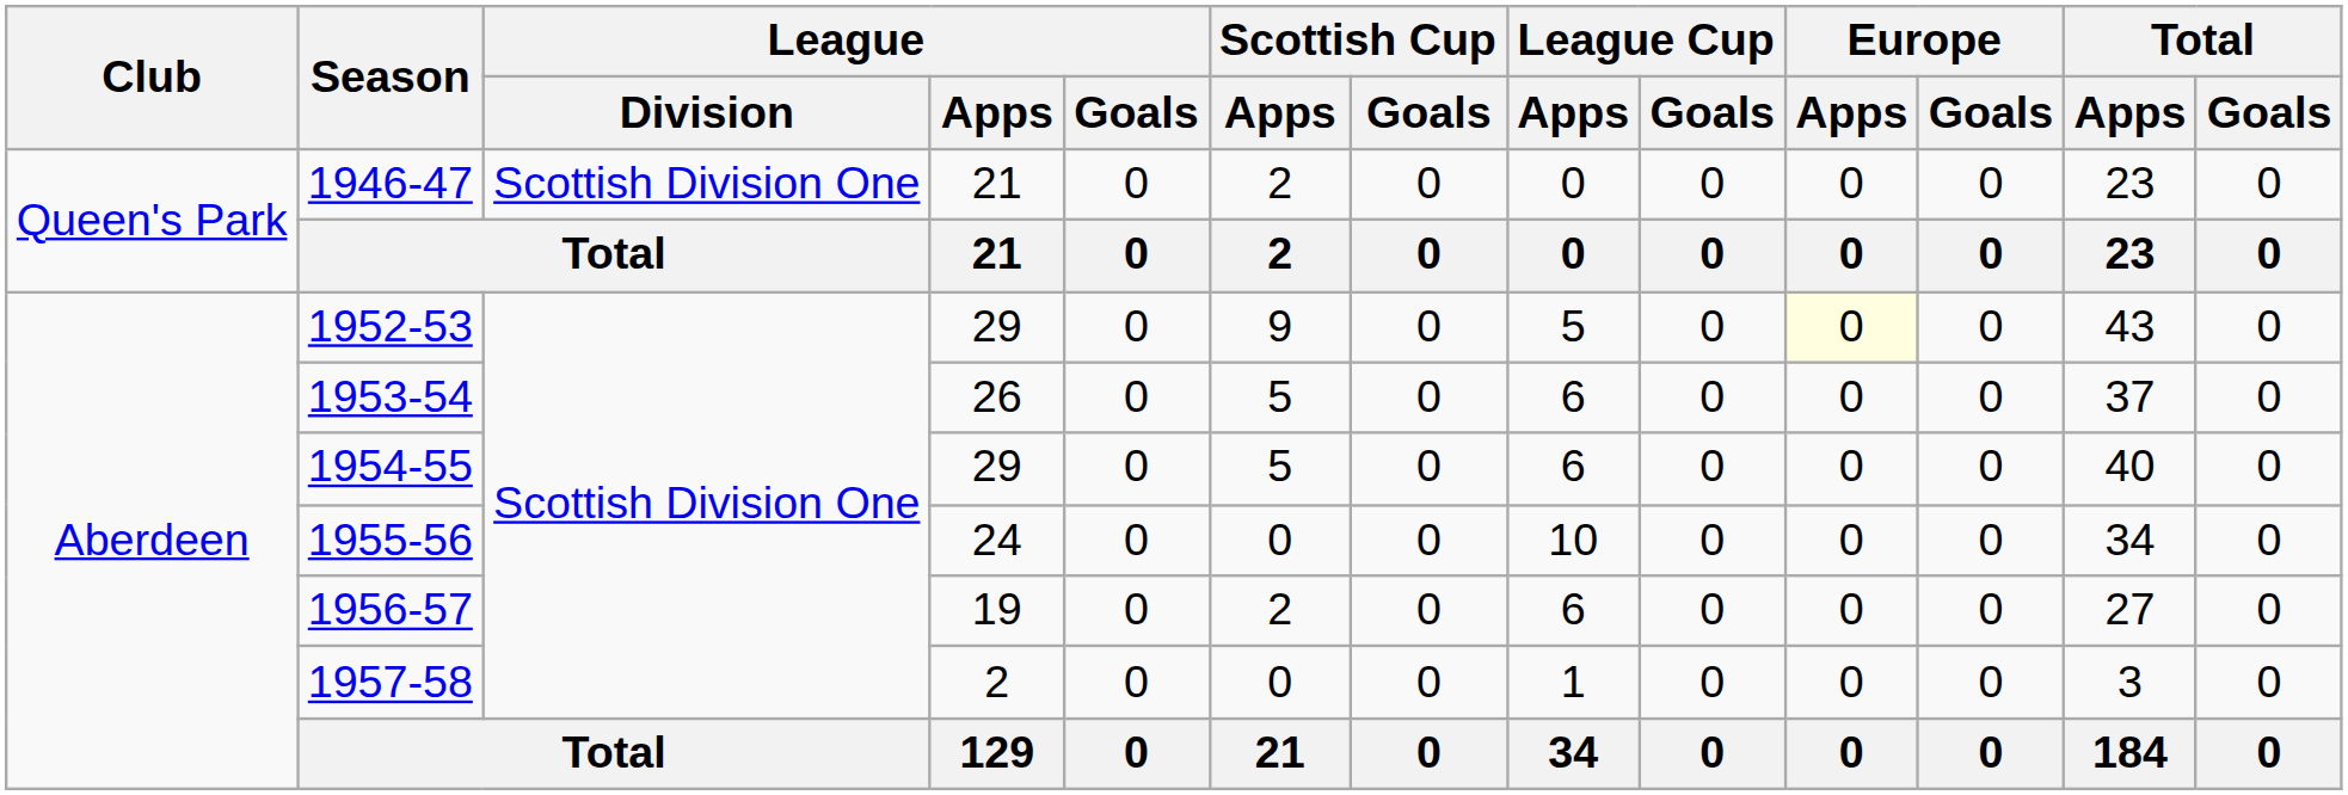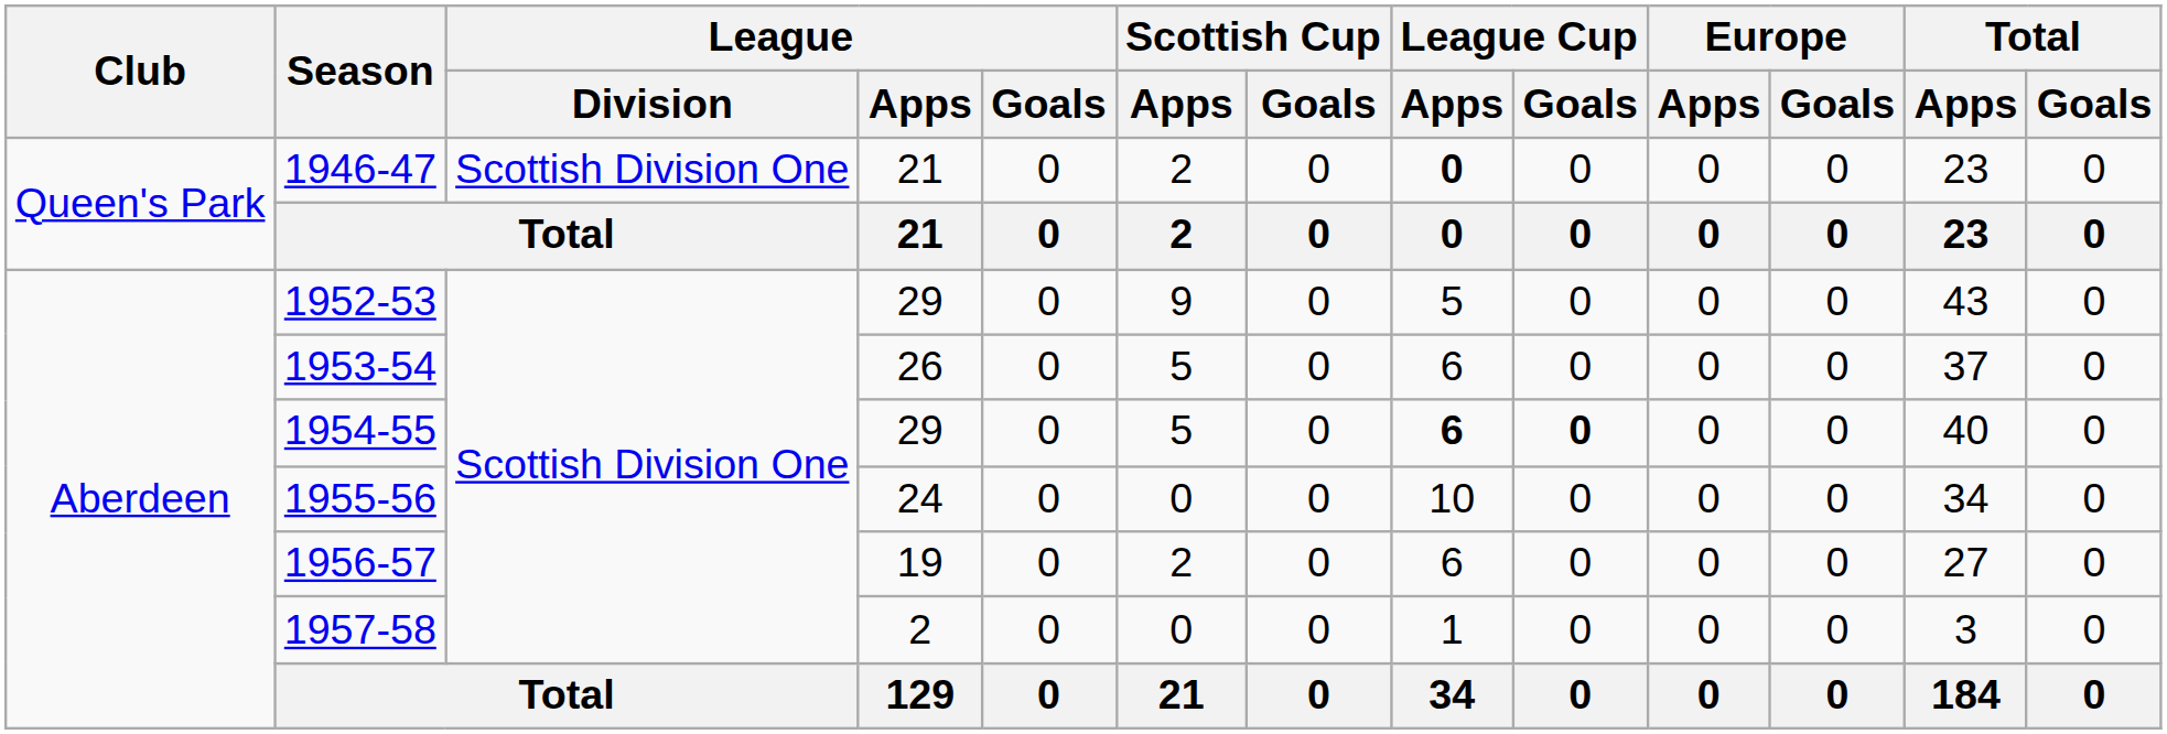 <table class="wikitable" style="text-align:center">
 <tr>
 <th rowspan="2">Club</th>
 <th rowspan="2">Season</th>
 <th colspan="3">League</th>
 <th colspan="2">Scottish Cup</th>
 <th colspan="2">League Cup</th>
 <th colspan="2">Europe</th>
 <th colspan="2">Total</th>
 </tr>
 <tr>
 <th>Division</th>
 <th>Apps</th>
 <th>Goals</th>
 <th>Apps</th>
 <th>Goals</th>
 <th>Apps</th>
 <th>Goals</th>
 <th>Apps</th>
 <th>Goals</th>
 <th>Apps</th>
 <th>Goals</th>
 </tr>
 <tr>
 <td rowspan="2"><a href='#'>Queen's Park</a></td>
 <td><a href='#'>1946-47</a></td>
 <td><a href='#'>Scottish Division One</a></td>
 <td>21</td>
 <td>0</td>
 <td>2</td>
 <td>0</td>
-<td>0</td>
+<td><strong>0</strong></td>
 <td>0</td>
 <td>0</td>
 <td>0</td>
 <td>23</td>
 <td>0</td>
 </tr>
 <tr>
 <th colspan="2">Total</th>
 <th>21</th>
 <th>0</th>
 <th>2</th>
 <th>0</th>
 <th>0</th>
 <th>0</th>
 <th>0</th>
 <th>0</th>
 <th>23</th>
 <th>0</th>
 </tr>
 <tr>
 <td rowspan="7"><a href='#'>Aberdeen</a></td>
 <td><a href='#'>1952-53</a></td>
 <td rowspan="6"><a href='#'>Scottish Division One</a></td>
 <td>29</td>
 <td>0</td>
 <td>9</td>
 <td>0</td>
 <td>5</td>
 <td>0</td>
-<td style="background: lightyellow;">0</td>
+<td>0</td>
 <td>0</td>
 <td>43</td>
 <td>0</td>
 </tr>
 <tr>
 <td><a href='#'>1953-54</a></td>
 <td>26</td>
 <td>0</td>
 <td>5</td>
 <td>0</td>
 <td>6</td>
 <td>0</td>
 <td>0</td>
 <td>0</td>
 <td>37</td>
 <td>0</td>
 </tr>
 <tr>
 <td><a href='#'>1954-55</a></td>
 <td>29</td>
 <td>0</td>
 <td>5</td>
 <td>0</td>
-<td>6</td>
-<td>0</td>
+<td><strong>6</strong></td>
+<td><strong>0</strong></td>
 <td>0</td>
 <td>0</td>
 <td>40</td>
 <td>0</td>
 </tr>
 <tr>
 <td><a href='#'>1955-56</a></td>
 <td>24</td>
 <td>0</td>
 <td>0</td>
 <td>0</td>
 <td>10</td>
 <td>0</td>
 <td>0</td>
 <td>0</td>
 <td>34</td>
 <td>0</td>
 </tr>
 <tr>
 <td><a href='#'>1956-57</a></td>
 <td>19</td>
 <td>0</td>
 <td>2</td>
 <td>0</td>
 <td>6</td>
 <td>0</td>
 <td>0</td>
 <td>0</td>
 <td>27</td>
 <td>0</td>
 </tr>
 <tr>
 <td><a href='#'>1957-58</a></td>
 <td>2</td>
 <td>0</td>
 <td>0</td>
 <td>0</td>
 <td>1</td>
 <td>0</td>
 <td>0</td>
 <td>0</td>
 <td>3</td>
 <td>0</td>
 </tr>
 <tr>
 <th colspan="2">Total</th>
 <th>129</th>
 <th>0</th>
 <th>21</th>
 <th>0</th>
 <th>34</th>
 <th>0</th>
 <th>0</th>
 <th>0</th>
 <th>184</th>
 <th>0</th>
 </tr>
 </table>
